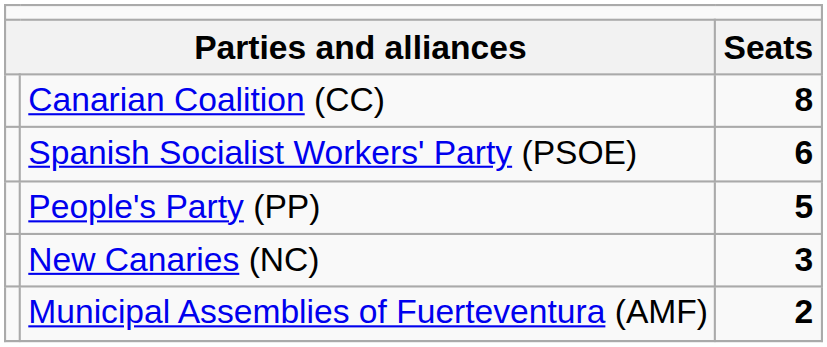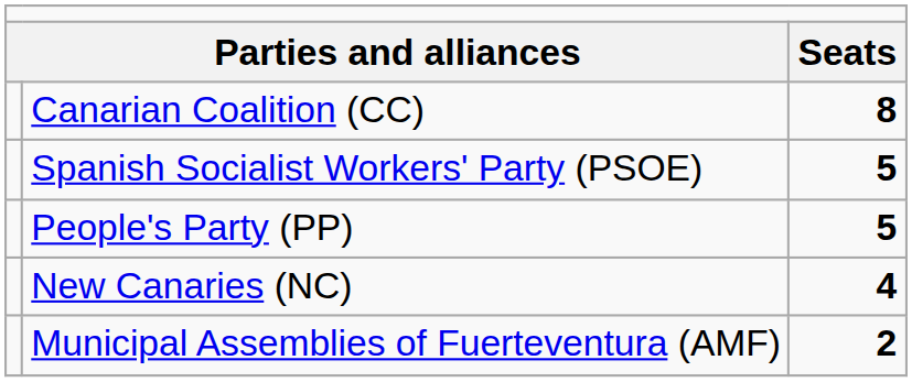 <table class="wikitable" style="text-align:right;">
 <tr>
 <td colspan="7"></td>
 </tr>
 <tr>
 <th colspan="2">Parties and alliances</th>
 <th colspan="2">Seats</th>
 </tr>
 <tr>
 <td style="color:inherit;background:"></td>
 <td align="left"><a href='#'>Canarian Coalition</a> (CC)</td>
 <td><strong>8</strong></td>
 </tr>
 <tr>
 <td style="color:inherit;background:"></td>
 <td align="left"><a href='#'>Spanish Socialist Workers' Party</a> (PSOE)</td>
-<td><strong>6</strong></td>
+<td><strong>5</strong></td>
 </tr>
 <tr>
 <td style="color:inherit;background:"></td>
 <td align="left"><a href='#'>People's Party</a> (PP)</td>
 <td><strong>5</strong></td>
 </tr>
 <tr>
 <td style="color:inherit;background:"></td>
 <td align="left"><a href='#'>New Canaries</a> (NC)</td>
-<td><strong>3</strong></td>
+<td><strong>4</strong></td>
 </tr>
 <tr>
 <td style="color:inherit;background:"></td>
 <td align="left"><a href='#'>Municipal Assemblies of Fuerteventura</a> (AMF)</td>
 <td><strong>2</strong></td>
 </tr>
 <tr>
 </tr>
 </table>
